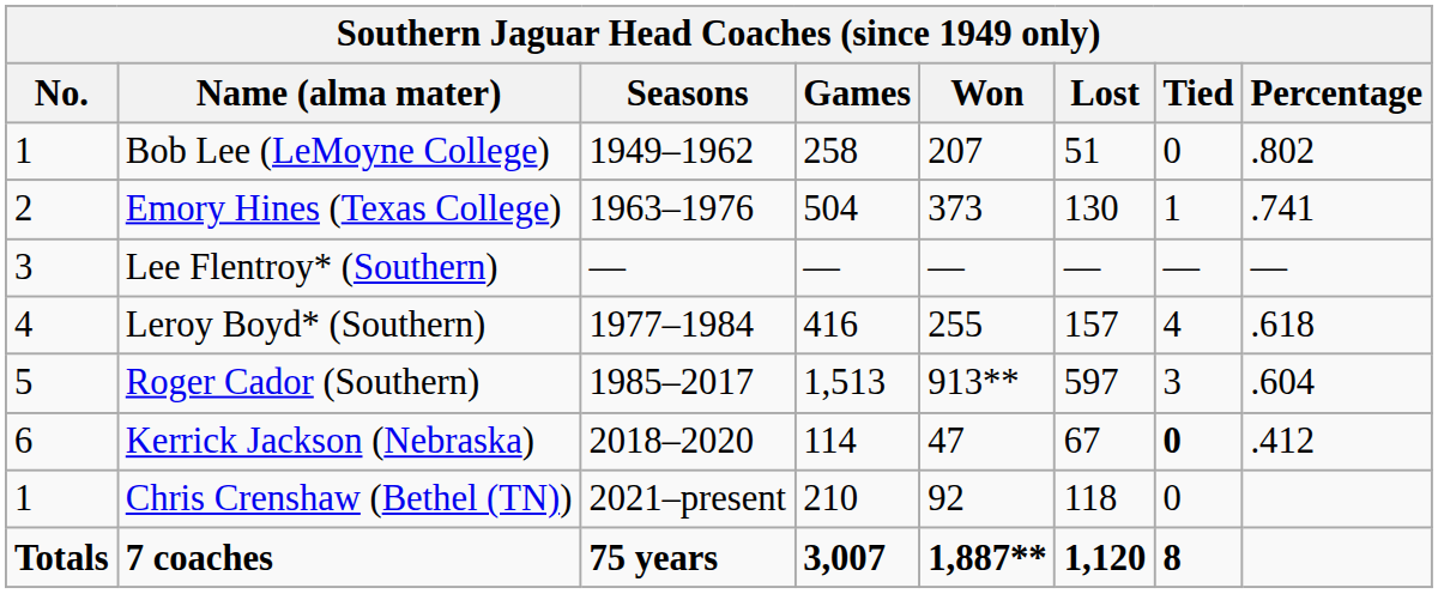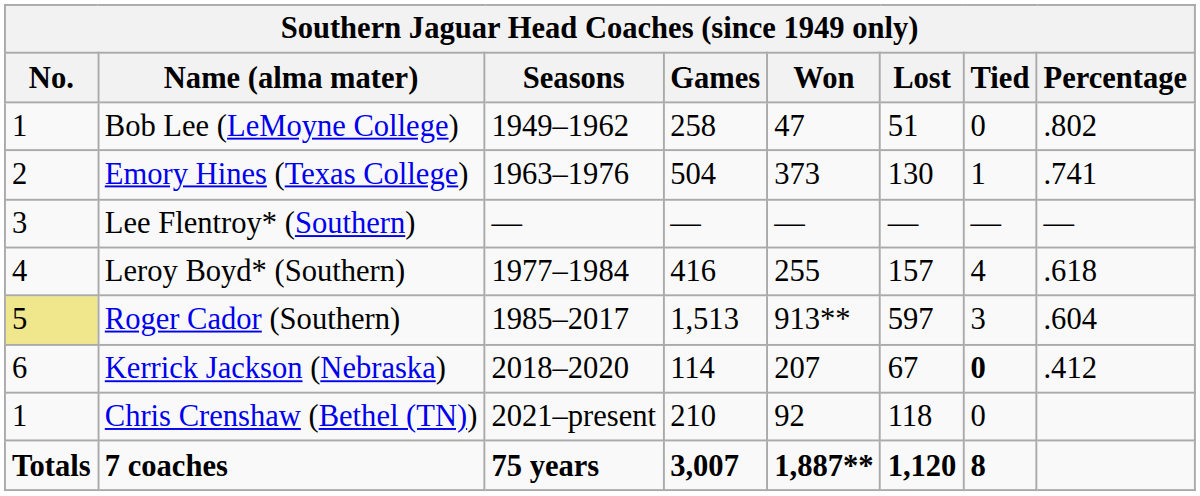 <table class="wikitable" style="text-align:left">
 <tr>
 <th colspan=9>Southern Jaguar Head Coaches (since 1949 only)</th>
 </tr>
 <tr>
 <th>No.</th>
 <th>Name (alma mater)</th>
 <th>Seasons</th>
 <th>Games</th>
 <th>Won</th>
 <th>Lost</th>
 <th>Tied</th>
 <th>Percentage</th>
 </tr>
 <tr>
 <td>1</td>
 <td>Bob Lee (<a href='#'>LeMoyne College</a>)</td>
 <td>1949–1962</td>
 <td>258</td>
-<td>207</td>
+<td>47</td>
 <td>51</td>
 <td>0</td>
 <td>.802</td>
 </tr>
 <tr>
 <td>2</td>
 <td><a href='#'>Emory Hines</a> (<a href='#'>Texas College</a>)</td>
 <td>1963–1976</td>
 <td>504</td>
 <td>373</td>
 <td>130</td>
 <td>1</td>
 <td>.741</td>
 </tr>
 <tr>
 <td>3</td>
 <td>Lee Flentroy* (<a href='#'>Southern</a>)</td>
 <td>—</td>
 <td>—</td>
 <td>—</td>
 <td>—</td>
 <td>—</td>
 <td>—</td>
 </tr>
 <tr>
 <td>4</td>
 <td>Leroy Boyd* (Southern)</td>
 <td>1977–1984</td>
 <td>416</td>
 <td>255</td>
 <td>157</td>
 <td>4</td>
 <td>.618</td>
 </tr>
 <tr>
-<td>5</td>
+<td style="background: khaki;">5</td>
 <td><a href='#'>Roger Cador</a> (Southern)</td>
 <td>1985–2017</td>
 <td>1,513</td>
 <td>913**</td>
 <td>597</td>
 <td>3</td>
 <td>.604</td>
 </tr>
 <tr>
 <td>6</td>
 <td><a href='#'>Kerrick Jackson</a> (<a href='#'>Nebraska</a>)</td>
 <td>2018–2020</td>
 <td>114</td>
-<td>47</td>
+<td>207</td>
 <td>67</td>
 <td><strong>0</strong></td>
 <td>.412</td>
 </tr>
 <tr>
 <td>1</td>
 <td><a href='#'>Chris Crenshaw</a> (<a href='#'>Bethel (TN)</a>)</td>
 <td>2021–present</td>
 <td>210</td>
 <td>92</td>
 <td>118</td>
 <td>0</td>
 <td></td>
 </tr>
 <tr>
 <td><strong>Totals</strong></td>
 <td><strong>7 coaches</strong></td>
 <td><strong>75 years</strong></td>
 <td><strong>3,007</strong></td>
 <td><strong>1,887**</strong></td>
 <td><strong>1,120</strong></td>
 <td><strong>8</strong></td>
 <td><strong></strong></td>
 </tr>
 </table>
